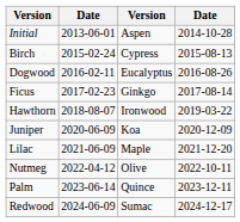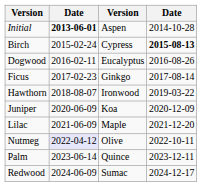 <table class="wikitable " align="right" style="font-size:80%">
 <tr>
 <th>Version </th>
 <th>Date</th>
 <th>Version</th>
 <th>Date</th>
 </tr>
 <tr>
 <td><em>Initial</em></td>
-<td>2013-06-01</td>
+<td><strong>2013-06-01</strong></td>
 <td>Aspen</td>
 <td>2014-10-28</td>
 </tr>
 <tr>
 <td>Birch</td>
 <td>2015-02-24</td>
 <td>Cypress</td>
-<td>2015-08-13</td>
+<td><strong>2015-08-13</strong></td>
 </tr>
 <tr>
 <td>Dogwood</td>
 <td>2016-02-11</td>
 <td>Eucalyptus</td>
 <td>2016-08-26</td>
 </tr>
 <tr>
 <td>Ficus</td>
 <td>2017-02-23</td>
 <td>Ginkgo</td>
 <td>2017-08-14</td>
 </tr>
 <tr>
 <td>Hawthorn</td>
 <td>2018-08-07</td>
 <td>Ironwood</td>
 <td>2019-03-22</td>
 </tr>
 <tr>
 <td>Juniper</td>
 <td>2020-06-09</td>
 <td>Koa</td>
 <td>2020-12-09</td>
 </tr>
 <tr>
 <td>Lilac</td>
 <td>2021-06-09</td>
 <td>Maple</td>
 <td>2021-12-20</td>
 </tr>
 <tr>
 <td>Nutmeg</td>
-<td>2022-04-12</td>
+<td style="background: lavender;">2022-04-12</td>
 <td>Olive</td>
 <td>2022-10-11</td>
 </tr>
 <tr>
 <td>Palm</td>
 <td>2023-06-14</td>
 <td>Quince</td>
 <td>2023-12-11</td>
 </tr>
 <tr>
 <td>Redwood</td>
 <td>2024-06-09</td>
 <td>Sumac</td>
 <td>2024-12-17</td>
 </tr>
 </table>
